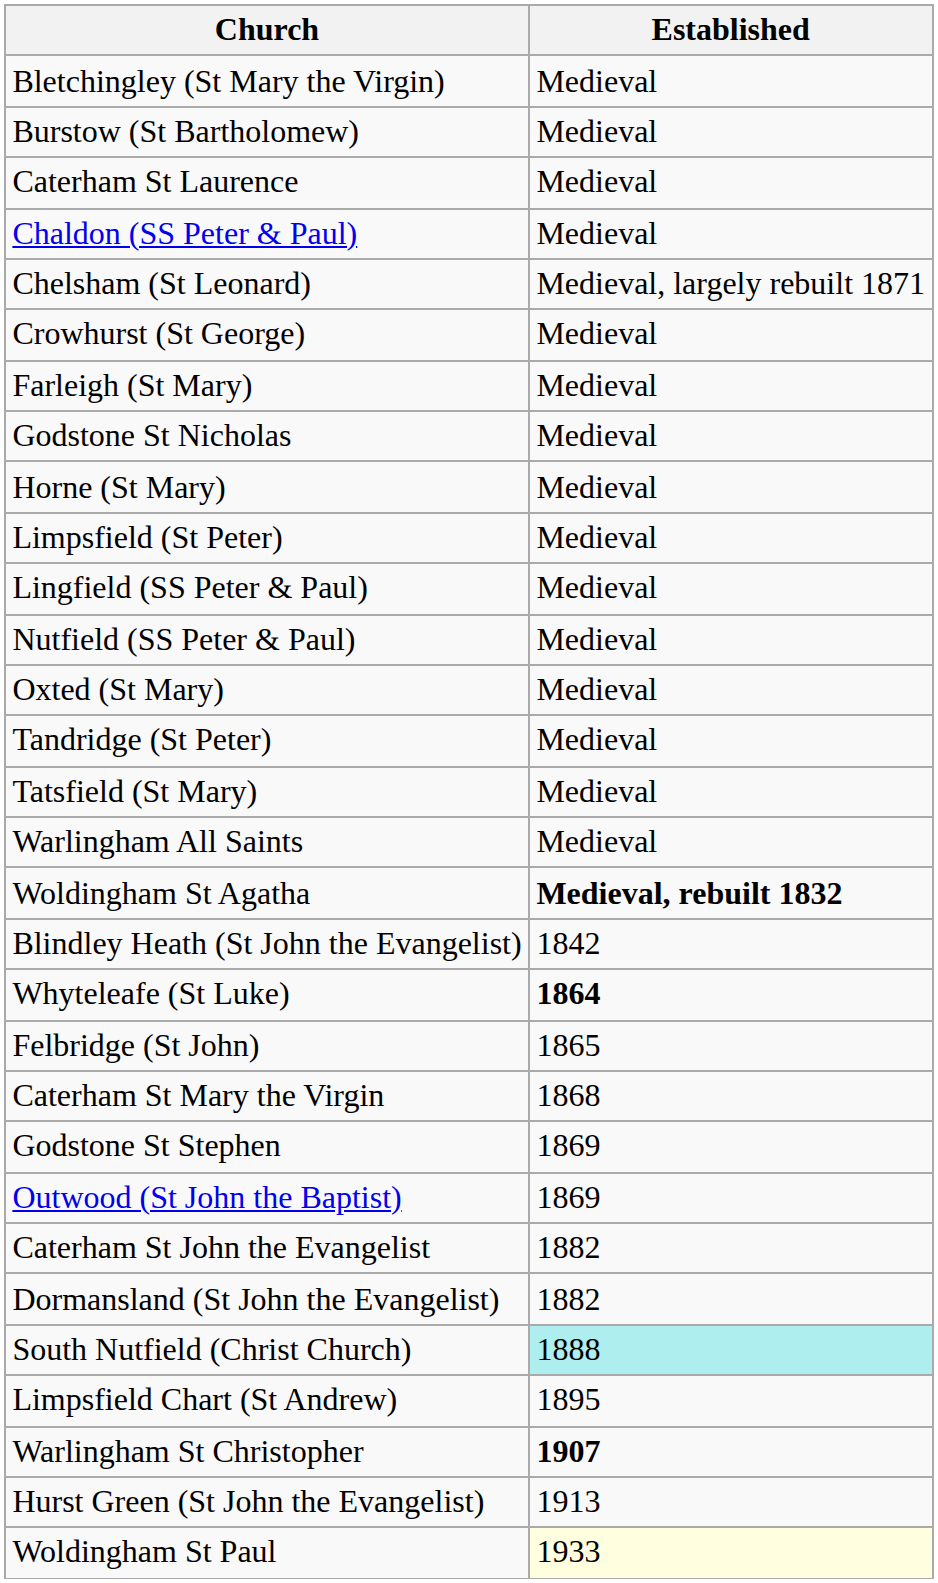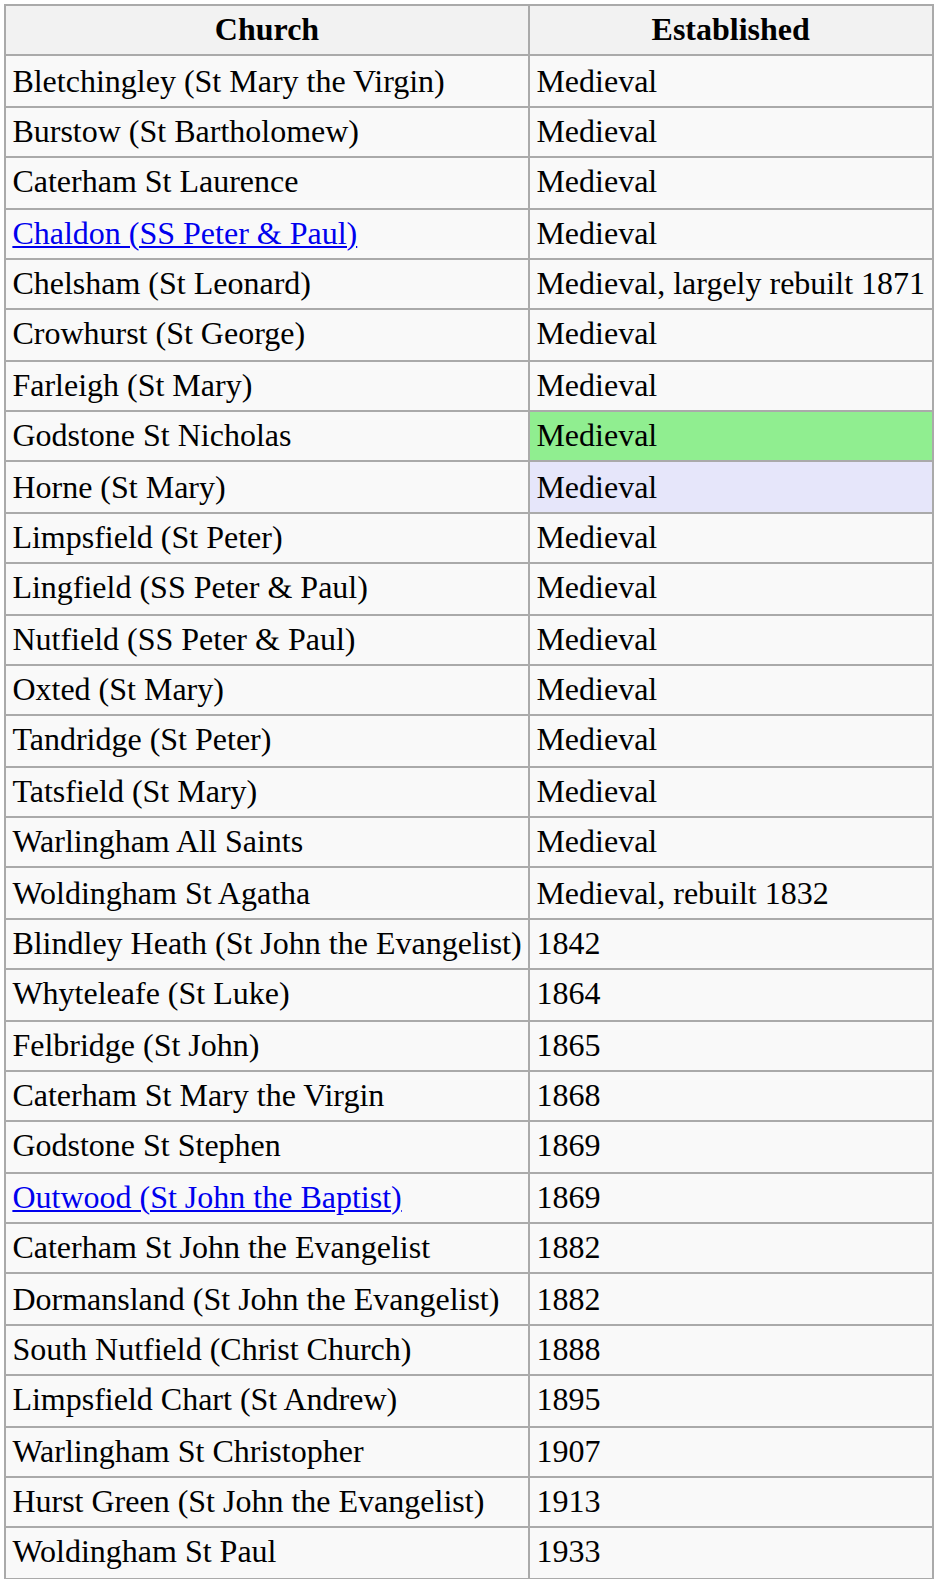 <table class="wikitable">
 <tr>
 <th>Church</th>
 <th>Established</th>
 </tr>
 <tr>
 <td>Bletchingley (St Mary the Virgin)</td>
 <td>Medieval</td>
 </tr>
 <tr>
 <td>Burstow (St Bartholomew)</td>
 <td>Medieval</td>
 </tr>
 <tr>
 <td>Caterham St Laurence</td>
 <td>Medieval</td>
 </tr>
 <tr>
 <td><a href='#'>Chaldon (SS Peter & Paul)</a></td>
 <td>Medieval</td>
 </tr>
 <tr>
 <td>Chelsham (St Leonard)</td>
 <td>Medieval, largely rebuilt 1871</td>
 </tr>
 <tr>
 <td>Crowhurst (St George)</td>
 <td>Medieval</td>
 </tr>
 <tr>
 <td>Farleigh (St Mary)</td>
 <td>Medieval</td>
 </tr>
 <tr>
 <td>Godstone St Nicholas</td>
-<td>Medieval</td>
+<td style="background: lightgreen;">Medieval</td>
 </tr>
 <tr>
 <td>Horne (St Mary)</td>
-<td>Medieval</td>
+<td style="background: lavender;">Medieval</td>
 </tr>
 <tr>
 <td>Limpsfield (St Peter)</td>
 <td>Medieval</td>
 </tr>
 <tr>
 <td>Lingfield (SS Peter & Paul)</td>
 <td>Medieval</td>
 </tr>
 <tr>
 <td>Nutfield (SS Peter & Paul)</td>
 <td>Medieval</td>
 </tr>
 <tr>
 <td>Oxted (St Mary)</td>
 <td>Medieval</td>
 </tr>
 <tr>
 <td>Tandridge (St Peter)</td>
 <td>Medieval</td>
 </tr>
 <tr>
 <td>Tatsfield (St Mary)</td>
 <td>Medieval</td>
 </tr>
 <tr>
 <td>Warlingham All Saints</td>
 <td>Medieval</td>
 </tr>
 <tr>
 <td>Woldingham St Agatha</td>
-<td><strong>Medieval, rebuilt 1832</strong></td>
+<td>Medieval, rebuilt 1832</td>
 </tr>
 <tr>
 <td>Blindley Heath (St John the Evangelist)</td>
 <td>1842</td>
 </tr>
 <tr>
 <td>Whyteleafe (St Luke)</td>
-<td><strong>1864</strong></td>
+<td>1864</td>
 </tr>
 <tr>
 <td>Felbridge (St John)</td>
 <td>1865</td>
 </tr>
 <tr>
 <td>Caterham St Mary the Virgin</td>
 <td>1868</td>
 </tr>
 <tr>
 <td>Godstone St Stephen</td>
 <td>1869</td>
 </tr>
 <tr>
 <td><a href='#'>Outwood (St John the Baptist)</a></td>
 <td>1869</td>
 </tr>
 <tr>
 <td>Caterham St John the Evangelist</td>
 <td>1882</td>
 </tr>
 <tr>
 <td>Dormansland (St John the Evangelist)</td>
 <td>1882</td>
 </tr>
 <tr>
 <td>South Nutfield (Christ Church)</td>
-<td style="background: paleturquoise;">1888</td>
+<td>1888</td>
 </tr>
 <tr>
 <td>Limpsfield Chart (St Andrew)</td>
 <td>1895</td>
 </tr>
 <tr>
 <td>Warlingham St Christopher</td>
-<td><strong>1907</strong></td>
+<td>1907</td>
 </tr>
 <tr>
 <td>Hurst Green (St John the Evangelist)</td>
 <td>1913</td>
 </tr>
 <tr>
 <td>Woldingham St Paul</td>
-<td style="background: lightyellow;">1933</td>
+<td>1933</td>
 </tr>
 </table>
